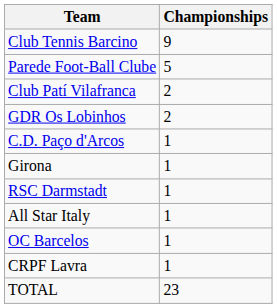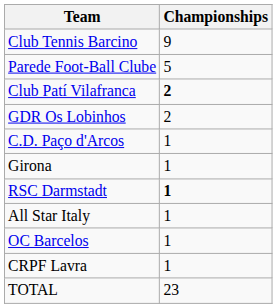 <table class="wikitable sortable">
 <tr>
 <th>Team</th>
 <th>Championships</th>
 </tr>
 <tr>
 <td> <a href='#'>Club Tennis Barcino</a></td>
 <td>9</td>
 </tr>
 <tr>
 <td> <a href='#'>Parede Foot-Ball Clube</a></td>
 <td>5</td>
 </tr>
 <tr>
 <td><a href='#'>Club Patí Vilafranca</a></td>
-<td>2</td>
+<td><strong>2</strong></td>
 </tr>
 <tr>
 <td> <a href='#'>GDR Os Lobinhos</a></td>
 <td>2</td>
 </tr>
 <tr>
 <td> <a href='#'>C.D. Paço d'Arcos</a></td>
 <td>1</td>
 </tr>
 <tr>
 <td> Girona</td>
 <td>1</td>
 </tr>
 <tr>
 <td> <a href='#'>RSC Darmstadt</a></td>
-<td>1</td>
+<td><strong>1</strong></td>
 </tr>
 <tr>
 <td> All Star Italy</td>
 <td>1</td>
 </tr>
 <tr>
 <td> <a href='#'>OC Barcelos</a></td>
 <td>1</td>
 </tr>
 <tr>
 <td> CRPF Lavra</td>
 <td>1</td>
 </tr>
 <tr>
 <td>TOTAL</td>
 <td>23</td>
 </tr>
 </table>
